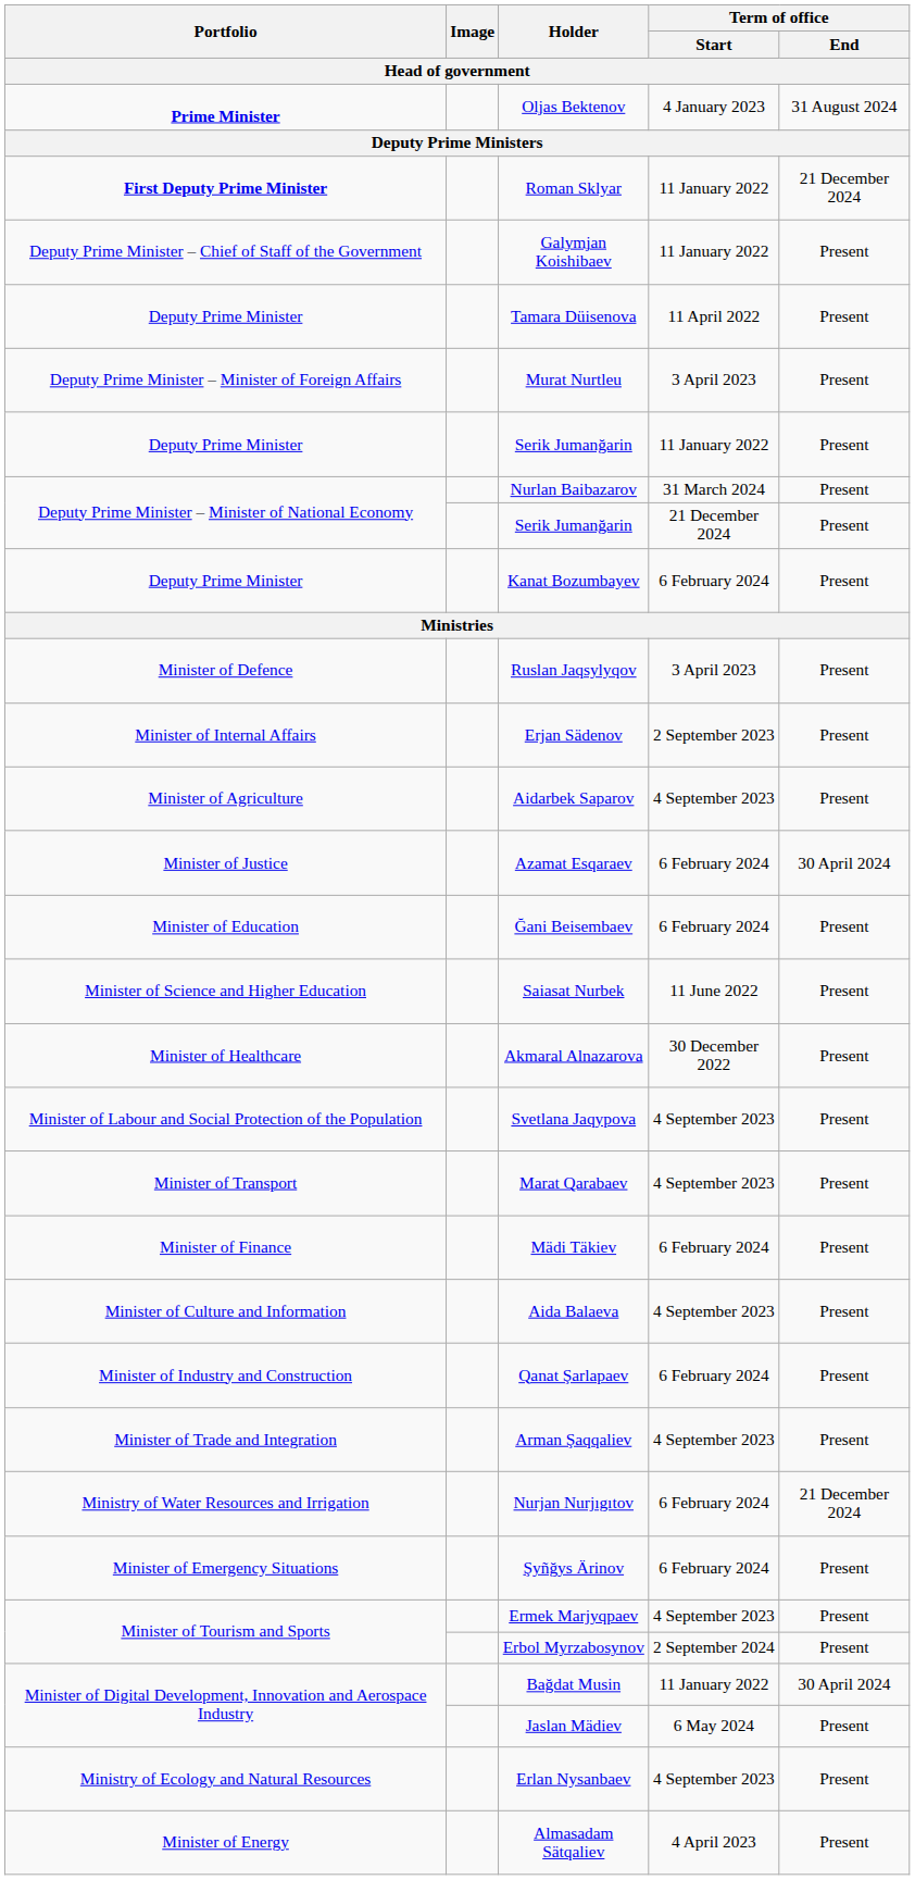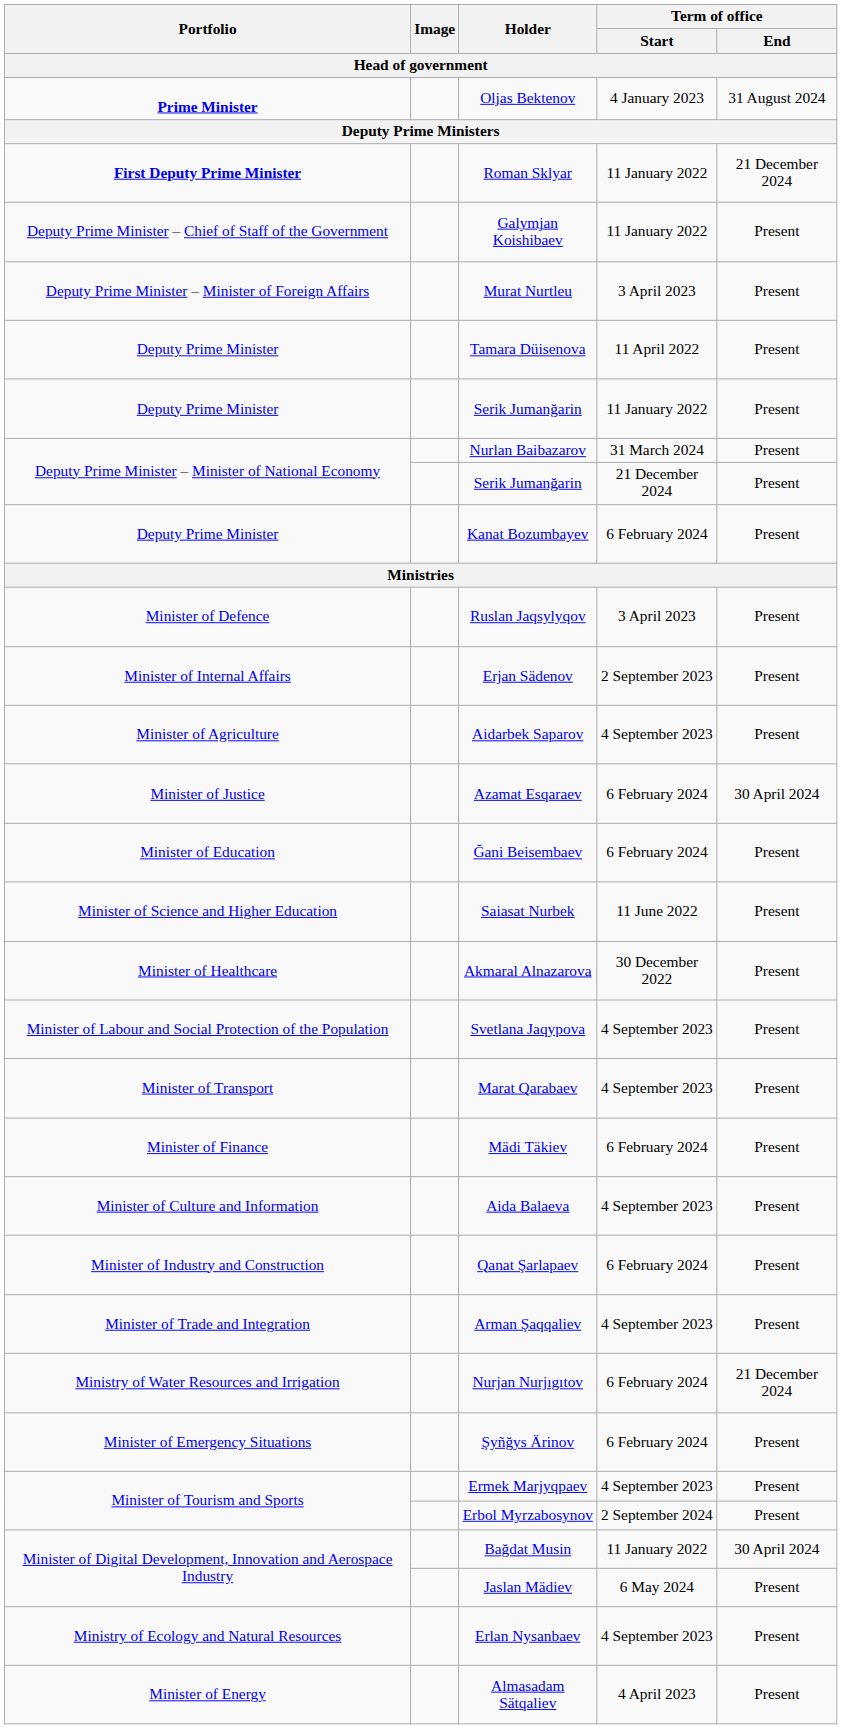 <table class="wikitable" style="text-align:center">
 <tr>
 <th rowspan="2">Portfolio</th>
 <th rowspan="2">Image</th>
 <th rowspan="2">Holder</th>
 <th colspan="2">Term of office</th>
 </tr>
 <tr>
 <th>Start</th>
 <th>End</th>
 </tr>
 <tr>
 <th colspan="5"><strong>Head of government</strong></th>
 </tr>
 <tr>
 <td><br><a href='#'><strong>Prime Minister</strong></a><br><small><strong></strong></small></td>
 <td></td>
 <td><a href='#'>Oljas Bektenov</a></td>
 <td style="text-align:center;">4 January 2023</td>
 <td>31 August 2024</td>
 </tr>
 <tr>
 <th colspan="5"><strong>Deputy Prime Ministers</strong></th>
 </tr>
 <tr>
 <td><br><strong><a href='#'>First Deputy Prime Minister</a></strong><br><small></small><br><small></small></td>
 <td></td>
 <td><a href='#'>Roman Sklyar</a></td>
 <td style="text-align:center;">11 January 2022</td>
 <td>21 December 2024</td>
 </tr>
 <tr>
 <td><br><a href='#'>Deputy Prime Minister</a> – <a href='#'>Chief of Staff of the Government</a><br><small></small><br><small></small></td>
 <td></td>
 <td><a href='#'>Galymjan Koishibaev</a></td>
 <td>11 January 2022</td>
 <td>Present</td>
 </tr>
 <tr>
+<td><br><a href='#'>Deputy Prime Minister</a> – <a href='#'>Minister of Foreign Affairs</a><br><small></small><br><small></small></td>
+<td></td>
+<td><a href='#'>Murat Nurtleu</a></td>
+<td style="text-align:center;">3 April 2023</td>
+<td style="text-align:center;">Present</td>
+</tr>
+<tr>
 <td><br><a href='#'>Deputy Prime Minister</a><br><small></small><br><small></small></td>
 <td></td>
 <td><a href='#'>Tamara Düisenova</a></td>
 <td style="text-align:center;">11 April 2022</td>
-<td style="text-align:center;">Present</td>
-</tr>
-<tr>
-<td><br><a href='#'>Deputy Prime Minister</a> – <a href='#'>Minister of Foreign Affairs</a><br><small></small><br><small></small></td>
-<td></td>
-<td><a href='#'>Murat Nurtleu</a></td>
-<td style="text-align:center;">3 April 2023</td>
 <td style="text-align:center;">Present</td>
 </tr>
 <tr>
 <td><br><a href='#'>Deputy Prime Minister</a><br><small></small><br><small></small></td>
 <td></td>
 <td><a href='#'>Serik Jumanğarin</a></td>
 <td style="text-align:center;">11 January 2022</td>
 <td>Present</td>
 </tr>
 <tr>
 <td rowspan=2><br><a href='#'>Deputy Prime Minister</a> – <a href='#'>Minister of National Economy</a><br><small></small><br><small></small></td>
 <td></td>
 <td><a href='#'>Nurlan Baibazarov</a></td>
 <td>31 March 2024</td>
 <td style="text-align:center;">Present</td>
 </tr>
 <tr>
 <td></td>
 <td><a href='#'>Serik Jumanğarin</a></td>
 <td>21 December 2024</td>
 <td>Present</td>
 </tr>
 <tr>
 <td><br><a href='#'>Deputy Prime Minister</a><br><small></small><br><small></small></td>
 <td></td>
 <td><a href='#'>Kanat Bozumbayev</a></td>
 <td>6 February 2024</td>
 <td>Present</td>
 </tr>
 <tr>
 <th colspan="5"><strong>Ministries</strong></th>
 </tr>
 <tr>
 <td><br><a href='#'>Minister of Defence</a><br><small></small><br><small></small></td>
 <td></td>
 <td><a href='#'>Ruslan Jaqsylyqov</a></td>
 <td style="text-align:center;">3 April 2023</td>
 <td style="text-align:center;">Present</td>
 </tr>
 <tr>
 <td><br><a href='#'>Minister of Internal Affairs</a><br><small></small><br><small></small></td>
 <td></td>
 <td><a href='#'>Erjan Sädenov</a></td>
 <td>2 September 2023</td>
 <td>Present</td>
 </tr>
 <tr>
 <td><br><a href='#'>Minister of Agriculture</a><br><small></small><br><small></small></td>
 <td></td>
 <td><a href='#'>Aidarbek Saparov</a></td>
 <td>4 September 2023</td>
 <td>Present</td>
 </tr>
 <tr>
 <td><br><a href='#'>Minister of Justice</a><br><small></small><br><small></small></td>
 <td></td>
 <td><a href='#'>Azamat Esqaraev</a></td>
 <td style="text-align:center;">6 February 2024</td>
 <td style="text-align:center;">30 April 2024</td>
 </tr>
 <tr>
 <td><br><a href='#'>Minister of Education</a><br><small></small><br><small></small></td>
 <td></td>
 <td><a href='#'>Ğani Beisembaev</a></td>
 <td style="text-align:center;">6 February 2024</td>
 <td style="text-align:center;">Present</td>
 </tr>
 <tr>
 <td><br><a href='#'>Minister of Science and Higher Education</a><br><small></small><br><small></small></td>
 <td></td>
 <td><a href='#'>Saiasat Nurbek</a></td>
 <td style="text-align:center;">11 June 2022</td>
 <td style="text-align:center;">Present</td>
 </tr>
 <tr>
 <td><br><a href='#'>Minister of Healthcare</a><br><small></small><br><small></small></td>
 <td></td>
 <td><a href='#'>Akmaral Alnazarova</a></td>
 <td style="text-align:center;">30 December 2022</td>
 <td style="text-align:center;">Present</td>
 </tr>
 <tr>
 <td><br><a href='#'>Minister of Labour and Social Protection of the Population</a><br><small></small><br><small></small></td>
 <td></td>
 <td><a href='#'>Svetlana Jaqypova</a></td>
 <td>4 September 2023</td>
 <td>Present</td>
 </tr>
 <tr>
 <td><br><a href='#'>Minister of Transport</a><br><small></small><br><small></small></td>
 <td></td>
 <td><a href='#'>Marat Qarabaev</a></td>
 <td>4 September 2023</td>
 <td>Present</td>
 </tr>
 <tr>
 <td><br><a href='#'>Minister of Finance</a><br><small></small><br><small></small></td>
 <td></td>
 <td><a href='#'>Mädi Täkiev</a></td>
 <td>6 February 2024</td>
 <td>Present</td>
 </tr>
 <tr>
 <td><br><a href='#'>Minister of Culture and Information</a><br><small></small><br><small></small></td>
 <td></td>
 <td><a href='#'>Aida Balaeva</a></td>
 <td>4 September 2023</td>
 <td>Present</td>
 </tr>
 <tr>
 <td><br><a href='#'>Minister of Industry and Construction</a><br><small></small><br><small></small></td>
 <td></td>
 <td><a href='#'>Qanat Şarlapaev</a></td>
 <td style="text-align:center;">6 February 2024</td>
 <td>Present</td>
 </tr>
 <tr>
 <td><br><a href='#'>Minister of Trade and Integration</a><br><small></small><br><small></small></td>
 <td></td>
 <td><a href='#'>Arman Şaqqaliev</a></td>
 <td>4 September 2023</td>
 <td>Present</td>
 </tr>
 <tr>
 <td><br><a href='#'>Ministry of Water Resources and Irrigation</a><br><small></small><br><small></small></td>
 <td></td>
 <td><a href='#'>Nurjan Nurjıgıtov</a></td>
 <td>6 February 2024</td>
 <td>21 December 2024</td>
 </tr>
 <tr>
 <td><br><a href='#'>Minister of Emergency Situations</a><br><small></small><br><small></small></td>
 <td></td>
 <td><a href='#'>Şyñğys Ärinov</a></td>
 <td style="text-align:center;">6 February 2024</td>
 <td style="text-align:center;">Present</td>
 </tr>
 <tr>
 <td rowspan="2"><br><a href='#'>Minister of Tourism and Sports</a><br><small></small><br><small></small></td>
 <td></td>
 <td><a href='#'>Ermek Marjyqpaev</a></td>
 <td>4 September 2023</td>
 <td style="text-align:center;">Present</td>
 </tr>
 <tr>
 <td></td>
 <td><a href='#'>Erbol Myrzabosynov</a></td>
 <td>2 September 2024</td>
 <td>Present</td>
 </tr>
 <tr>
 <td rowspan="2"><br><a href='#'>Minister of Digital Development, Innovation and Aerospace Industry</a><br><small></small><br><small></small></td>
 <td></td>
 <td><a href='#'>Bağdat Musin</a></td>
 <td style="text-align:center;">11 January 2022</td>
 <td style="text-align:center;">30 April 2024</td>
 </tr>
 <tr>
 <td></td>
 <td><a href='#'>Jaslan Mädiev</a></td>
 <td>6 May 2024</td>
 <td>Present</td>
 </tr>
 <tr>
 <td><br><a href='#'>Ministry of Ecology and Natural Resources</a><br><small></small><br><small></small></td>
 <td></td>
 <td><a href='#'>Erlan Nysanbaev</a></td>
 <td>4 September 2023</td>
 <td>Present</td>
 </tr>
 <tr>
 <td><br><a href='#'>Minister of Energy</a><br><small></small><br><small></small></td>
 <td></td>
 <td><a href='#'>Almasadam Sätqaliev</a></td>
 <td style="text-align:center;">4 April 2023</td>
 <td style="text-align:center;">Present</td>
 </tr>
 </table>
